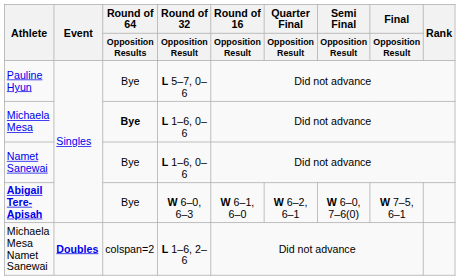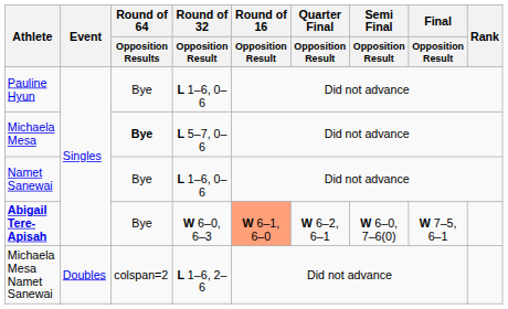 <table class=wikitable style="font-size:90%">
 <tr>
 <th rowspan="2" width=150>Athlete</th>
 <th rowspan="2" width=150>Event</th>
 <th width=125>Round of 64</th>
 <th width=125>Round of 32</th>
 <th width=125>Round of 16</th>
 <th width=125>Quarter Final</th>
 <th width=125>Semi Final</th>
 <th width=125>Final</th>
 <th rowspan="2" width=50>Rank</th>
 </tr>
 <tr>
 <th style="line-height:1em"><small>Opposition<br>Results</small></th>
 <th style="line-height:1em"><small>Opposition<br>Result</small></th>
 <th style="line-height:1em"><small>Opposition<br>Result</small></th>
 <th style="line-height:1em"><small>Opposition<br>Result</small></th>
 <th style="line-height:1em"><small>Opposition<br>Result</small></th>
 <th style="line-height:1em"><small>Opposition<br>Result</small></th>
 </tr>
 <tr>
 <td><a href='#'>Pauline Hyun</a></td>
 <td rowspan=4><a href='#'>Singles</a></td>
 <td align=center>Bye</td>
-<td align=center><br><strong>L</strong> 5–7, 0–6</td>
+<td align=center><br><strong>L</strong> 1–6, 0–6</td>
 <td align=center colspan=5>Did not advance</td>
 </tr>
 <tr>
 <td><a href='#'>Michaela Mesa</a></td>
 <td align=center><strong>Bye</strong></td>
-<td align=center><br><strong>L</strong> 1–6, 0–6</td>
+<td align=center><br><strong>L</strong> 5–7, 0–6</td>
 <td align=center colspan=5>Did not advance</td>
 </tr>
 <tr>
 <td><a href='#'>Namet Sanewai</a></td>
 <td align=center>Bye</td>
 <td align=center><br><strong>L</strong> 1–6, 0–6</td>
 <td align=center colspan=5>Did not advance</td>
 </tr>
 <tr>
 <td><strong><a href='#'>Abigail Tere-Apisah</a></strong></td>
 <td align=center>Bye</td>
 <td align=center><br><strong>W</strong> 6–0, 6–3</td>
-<td align=center><br><strong>W</strong> 6–1, 6–0</td>
+<td align=center style="background: lightsalmon;"><br><strong>W</strong> 6–1, 6–0</td>
 <td align=center><br><strong>W</strong> 6–2, 6–1</td>
 <td align=center><br><strong>W</strong> 6–0, 7–6(0)</td>
 <td align=center><br><strong>W</strong> 7–5, 6–1</td>
 <td align=center></td>
 </tr>
 <tr>
 <td>Michaela Mesa<br>Namet Sanewai</td>
-<td><strong><a href='#'>Doubles</a></strong></td>
+<td><a href='#'>Doubles</a></td>
 <td>colspan=2 </td>
 <td align=center><br><strong>L</strong> 1–6, 2–6</td>
 <td align=center colspan=4>Did not advance</td>
 </tr>
 </table>
